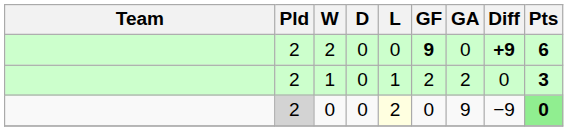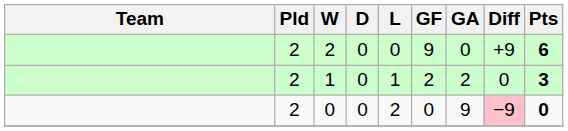 <table class="wikitable" style="text-align: center;">
 <tr>
 <th width=220>Team</th>
 <th width=20>Pld</th>
 <th width=20>W</th>
 <th width=20>D</th>
 <th width=20>L</th>
 <th width=20>GF</th>
 <th width=20>GA</th>
 <th width=20>Diff</th>
 <th width=20>Pts</th>
 </tr>
 <tr bgcolor=ccffcc>
 <td align="left"></td>
 <td>2</td>
 <td>2</td>
 <td>0</td>
 <td>0</td>
-<td><strong>9</strong></td>
+<td>9</td>
 <td>0</td>
-<td><strong>+9</strong></td>
+<td>+9</td>
 <td><strong>6</strong></td>
 </tr>
 <tr bgcolor=ccffcc>
 <td align="left"></td>
 <td>2</td>
 <td>1</td>
 <td>0</td>
 <td>1</td>
 <td>2</td>
 <td>2</td>
 <td>0</td>
 <td><strong>3</strong></td>
 </tr>
 <tr>
 <td align="left"></td>
-<td style="background: lightgrey;">2</td>
+<td>2</td>
 <td>0</td>
 <td>0</td>
-<td style="background: lightyellow;">2</td>
+<td>2</td>
 <td>0</td>
 <td>9</td>
-<td>−9</td>
-<td style="background: lightgreen;"><strong>0</strong></td>
+<td style="background: pink;">−9</td>
+<td><strong>0</strong></td>
 </tr>
 <tr>
 </tr>
 </table>
